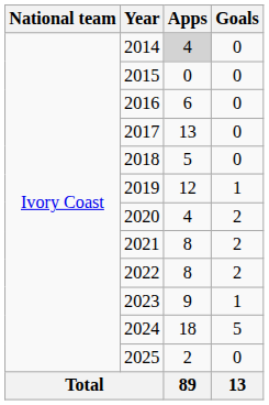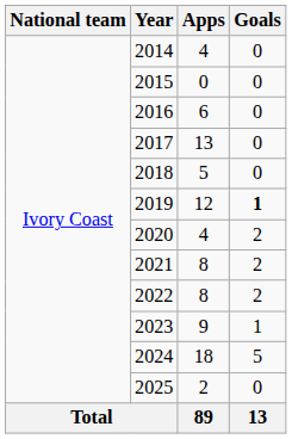 <table class="wikitable" style="text-align:center">
 <tr>
 <th>National team</th>
 <th>Year</th>
 <th>Apps</th>
 <th>Goals</th>
 </tr>
 <tr>
 <td rowspan="12"><a href='#'>Ivory Coast</a></td>
 <td>2014</td>
-<td style="background: lightgrey;">4</td>
+<td>4</td>
 <td>0</td>
 </tr>
 <tr>
 <td>2015</td>
 <td>0</td>
 <td>0</td>
 </tr>
 <tr>
 <td>2016</td>
 <td>6</td>
 <td>0</td>
 </tr>
 <tr>
 <td>2017</td>
 <td>13</td>
 <td>0</td>
 </tr>
 <tr>
 <td>2018</td>
 <td>5</td>
 <td>0</td>
 </tr>
 <tr>
 <td>2019</td>
 <td>12</td>
-<td>1</td>
+<td><strong>1</strong></td>
 </tr>
 <tr>
 <td>2020</td>
 <td>4</td>
 <td>2</td>
 </tr>
 <tr>
 <td>2021</td>
 <td>8</td>
 <td>2</td>
 </tr>
 <tr>
 <td>2022</td>
 <td>8</td>
 <td>2</td>
 </tr>
 <tr>
 <td>2023</td>
 <td>9</td>
 <td>1</td>
 </tr>
 <tr>
 <td>2024</td>
 <td>18</td>
 <td>5</td>
 </tr>
 <tr>
 <td>2025</td>
 <td>2</td>
 <td>0</td>
 </tr>
 <tr>
 <th colspan="2">Total</th>
 <th>89</th>
 <th>13</th>
 </tr>
 </table>
